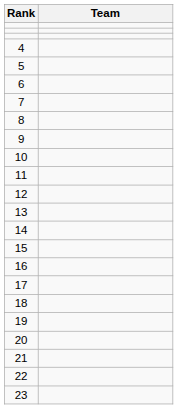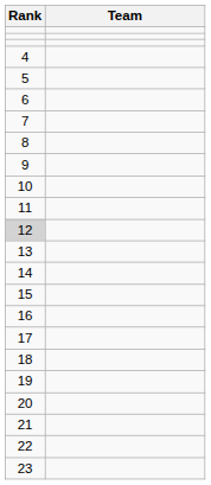 <table class=wikitable style="text-align:center;">
 <tr>
 <th>Rank</th>
 <th width=180>Team</th>
 </tr>
 <tr>
 <td></td>
 <td align=left></td>
 </tr>
 <tr>
 <td></td>
 <td align=left></td>
 </tr>
 <tr>
 <td></td>
 <td align=left></td>
 </tr>
 <tr>
 <td>4</td>
 <td align=left></td>
 </tr>
 <tr>
 <td>5</td>
 <td align=left></td>
 </tr>
 <tr>
 <td>6</td>
 <td align=left></td>
 </tr>
 <tr>
 <td>7</td>
 <td align=left></td>
 </tr>
 <tr>
 <td>8</td>
 <td align=left></td>
 </tr>
 <tr>
 <td>9</td>
 <td align=left></td>
 </tr>
 <tr>
 <td>10</td>
 <td align=left></td>
 </tr>
 <tr>
 <td>11</td>
 <td align=left></td>
 </tr>
 <tr>
-<td>12</td>
+<td style="background: lightgrey;">12</td>
 <td align=left></td>
 </tr>
 <tr>
 <td>13</td>
 <td align=left></td>
 </tr>
 <tr>
 <td>14</td>
 <td align=left></td>
 </tr>
 <tr>
 <td>15</td>
 <td align=left></td>
 </tr>
 <tr>
 <td>16</td>
 <td align=left></td>
 </tr>
 <tr>
 <td>17</td>
 <td align=left></td>
 </tr>
 <tr>
 <td>18</td>
 <td align=left></td>
 </tr>
 <tr>
 <td>19</td>
 <td align=left></td>
 </tr>
 <tr>
 <td>20</td>
 <td align=left></td>
 </tr>
 <tr>
 <td>21</td>
 <td align=left></td>
 </tr>
 <tr>
 <td>22</td>
 <td align=left></td>
 </tr>
 <tr>
 <td>23</td>
 <td align=left></td>
 </tr>
 </table>
